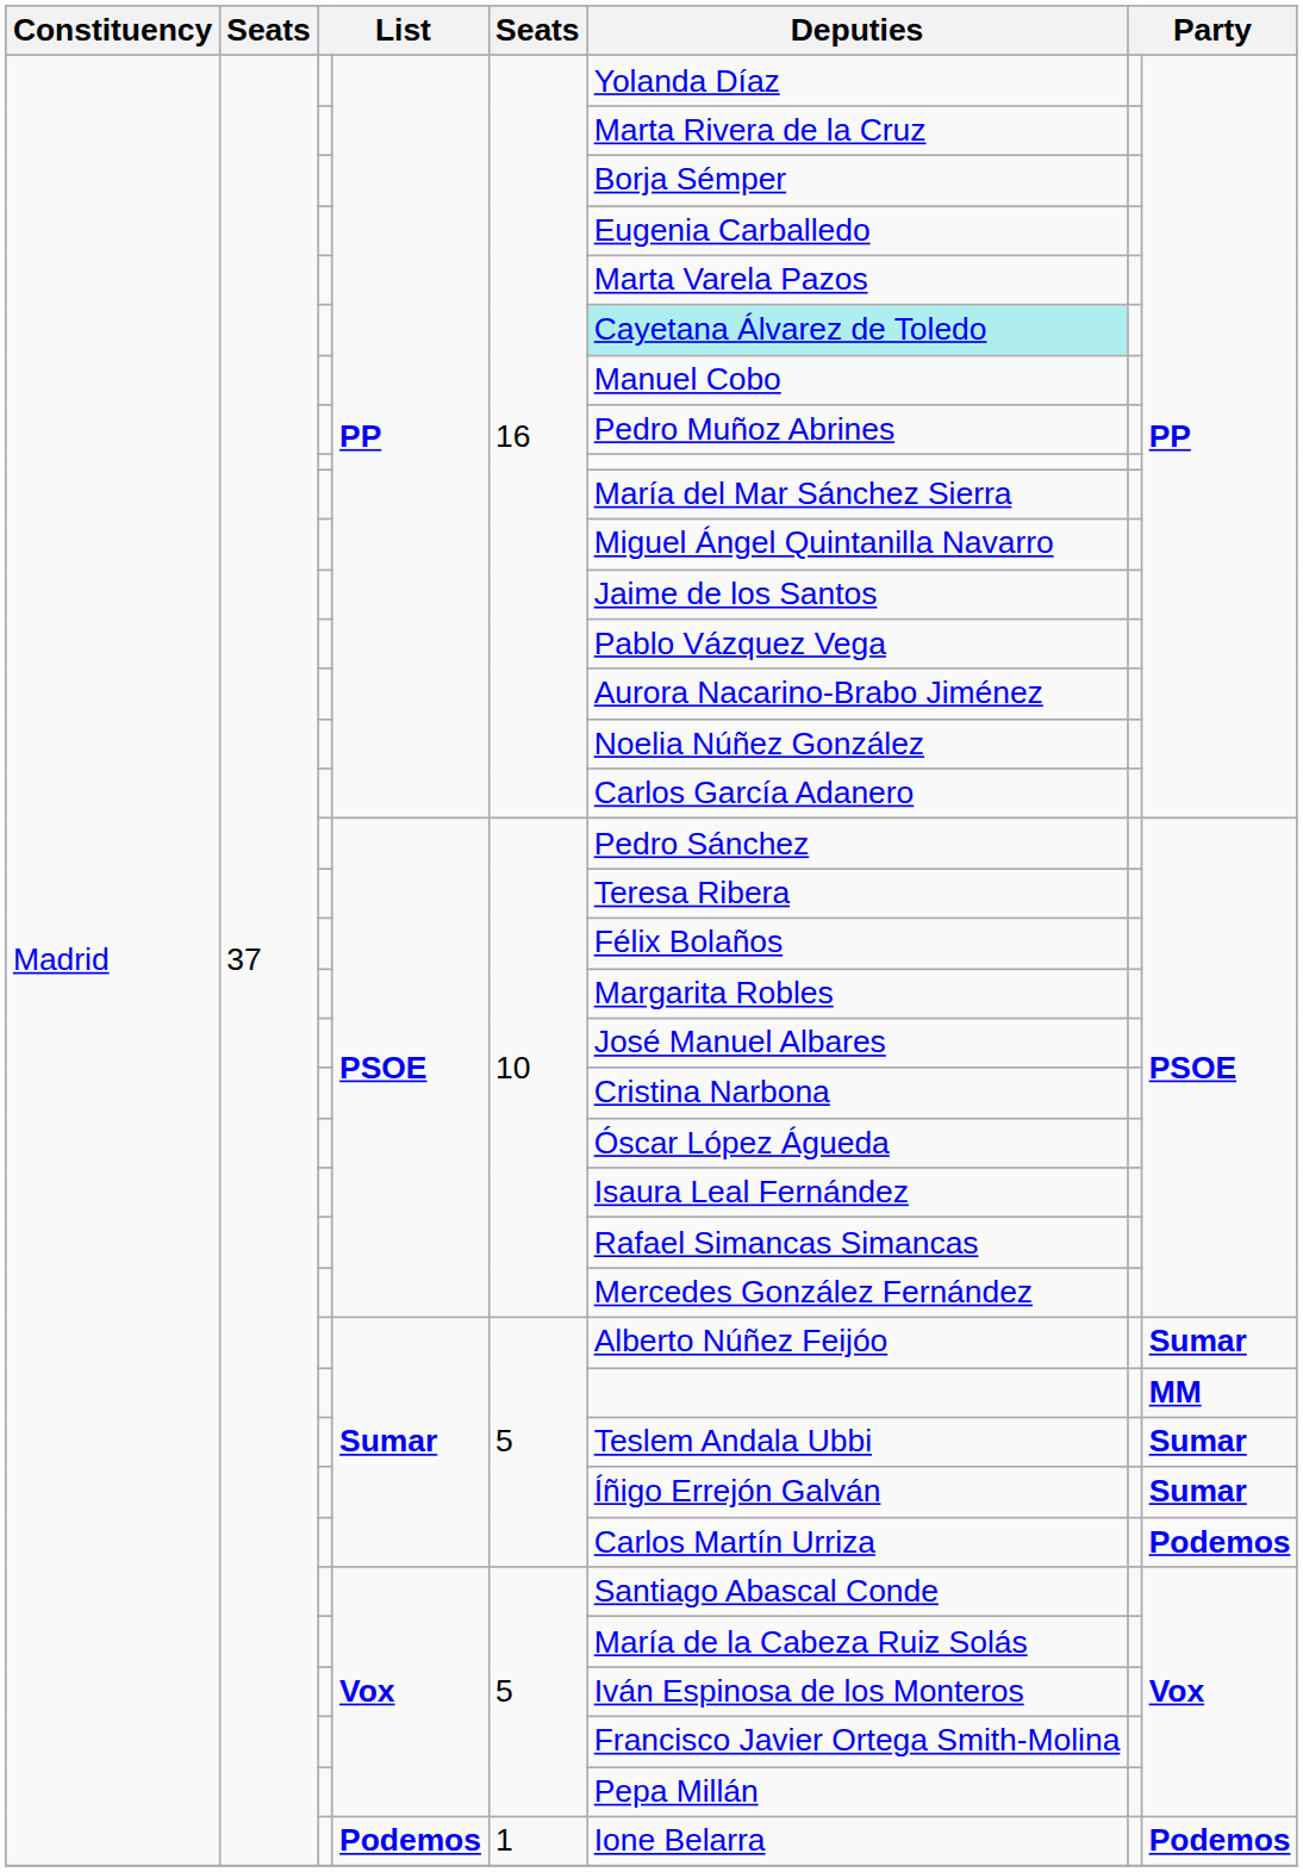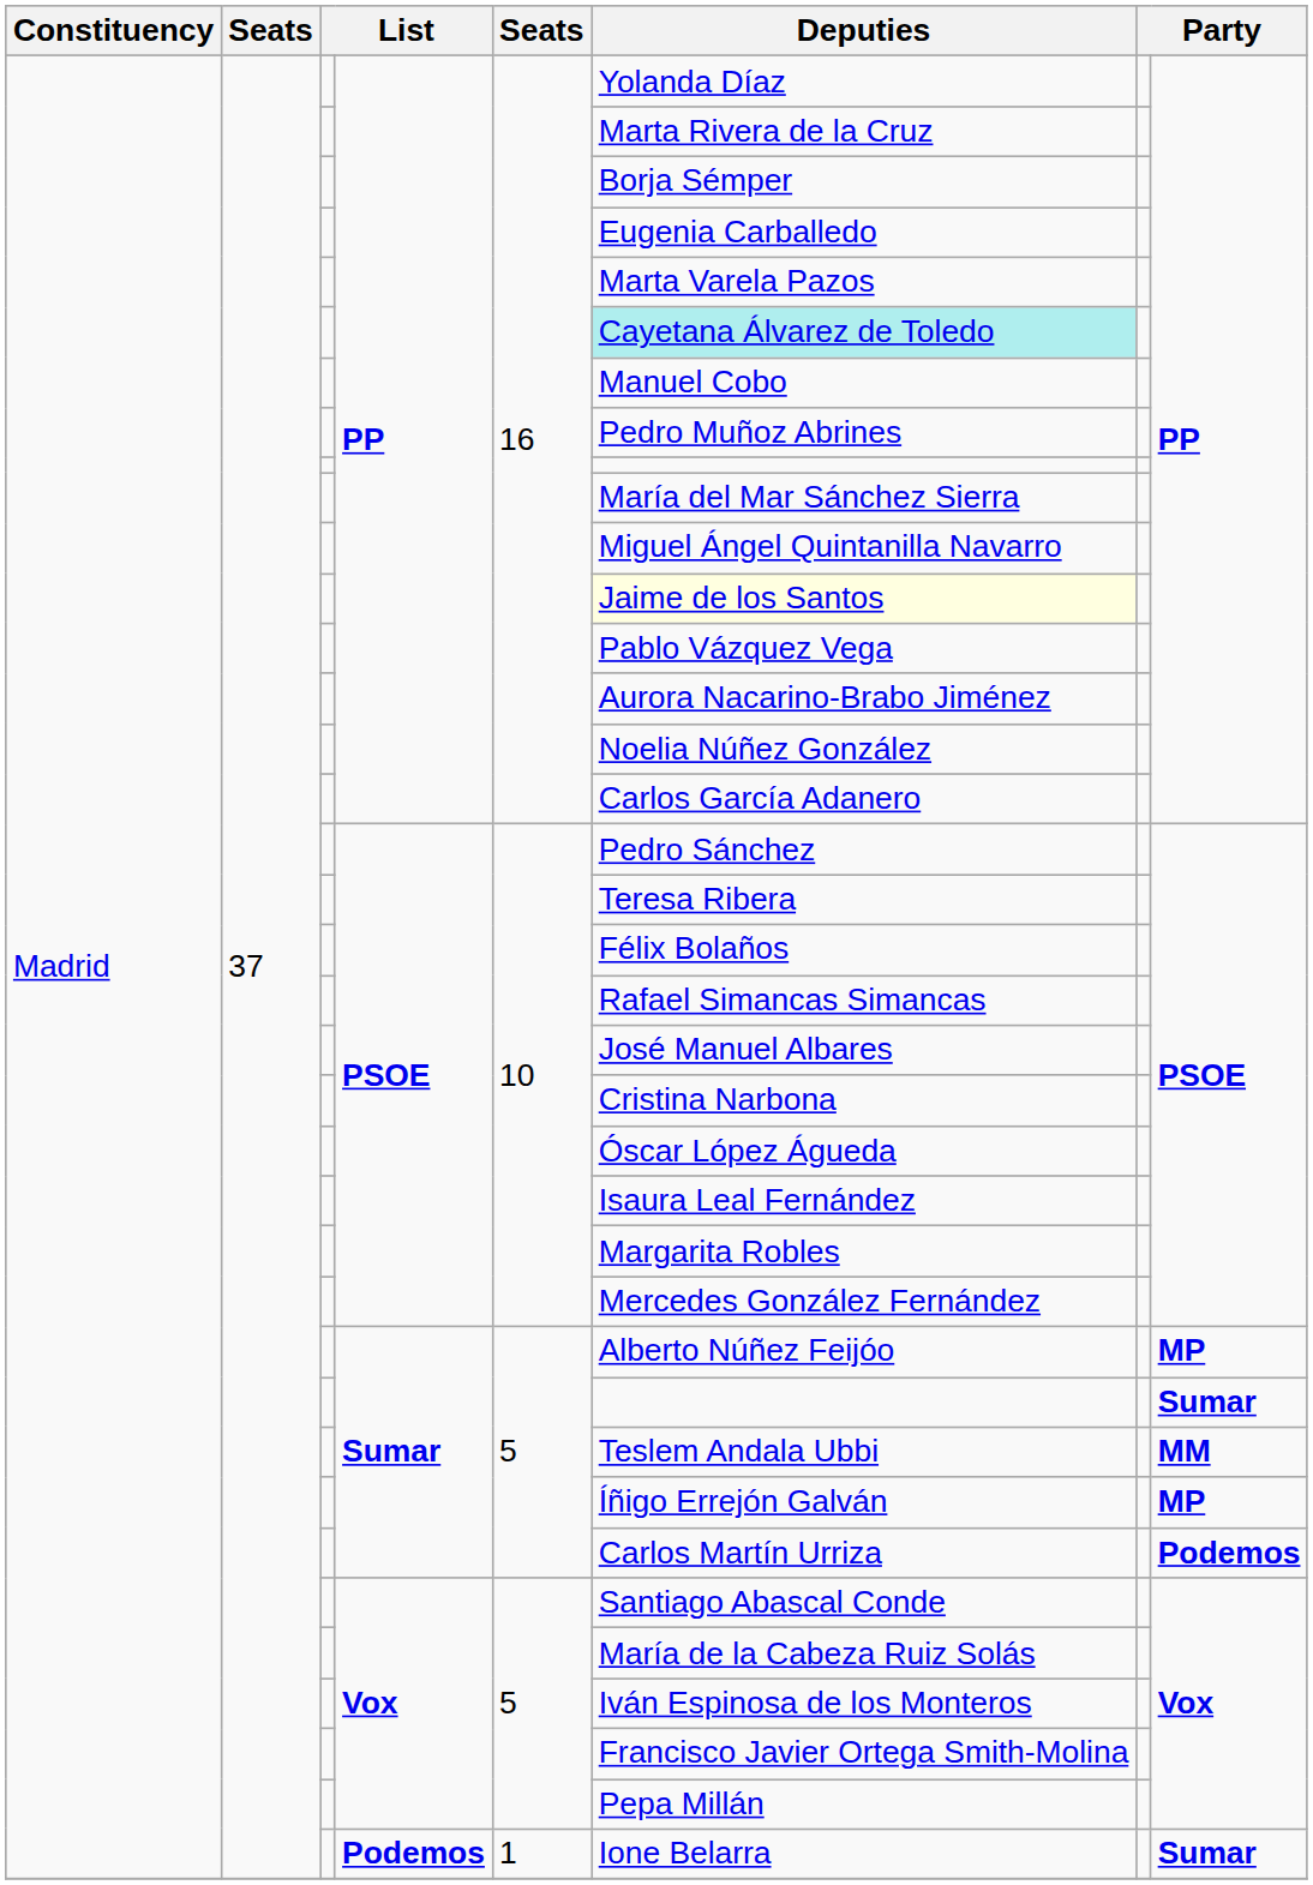 <table class="wikitable sortable">
 <tr>
 <th>Constituency</th>
 <th>Seats</th>
 <th colspan="2">List</th>
 <th>Seats</th>
 <th>Deputies</th>
 <th colspan="2">Party</th>
 </tr>
 <tr>
 <td rowspan="37"><a href='#'>Madrid</a></td>
 <td rowspan="37">37</td>
 <td></td>
 <td rowspan="16"><strong><a href='#'>PP</a></strong></td>
 <td rowspan="16">16</td>
 <td><a href='#'>Yolanda Díaz</a></td>
 <td></td>
 <td rowspan="16"><strong><a href='#'>PP</a></strong></td>
 </tr>
 <tr>
 <td></td>
 <td><a href='#'>Marta Rivera de la Cruz</a></td>
 <td></td>
 </tr>
 <tr>
 <td></td>
 <td><a href='#'>Borja Sémper</a></td>
 <td></td>
 </tr>
 <tr>
 <td></td>
 <td><a href='#'>Eugenia Carballedo</a></td>
 <td></td>
 </tr>
 <tr>
 <td></td>
 <td><a href='#'>Marta Varela Pazos</a></td>
 <td></td>
 </tr>
 <tr>
 <td></td>
 <td style="background: paleturquoise;"><a href='#'>Cayetana Álvarez de Toledo</a></td>
 <td></td>
 </tr>
 <tr>
 <td></td>
 <td><a href='#'>Manuel Cobo</a></td>
 <td></td>
 </tr>
 <tr>
 <td></td>
 <td><a href='#'>Pedro Muñoz Abrines</a></td>
 <td></td>
 </tr>
 <tr>
 <td></td>
 <td></td>
 <td></td>
 </tr>
 <tr>
 <td></td>
 <td><a href='#'>María del Mar Sánchez Sierra</a></td>
 <td></td>
 </tr>
 <tr>
 <td></td>
 <td><a href='#'>Miguel Ángel Quintanilla Navarro</a></td>
 <td></td>
 </tr>
 <tr>
 <td></td>
-<td><a href='#'>Jaime de los Santos</a></td>
+<td style="background: lightyellow;"><a href='#'>Jaime de los Santos</a></td>
 <td></td>
 </tr>
 <tr>
 <td></td>
 <td><a href='#'>Pablo Vázquez Vega</a></td>
 <td></td>
 </tr>
 <tr>
 <td></td>
 <td><a href='#'>Aurora Nacarino-Brabo Jiménez</a></td>
 <td></td>
 </tr>
 <tr>
 <td></td>
 <td><a href='#'>Noelia Núñez González</a></td>
 <td></td>
 </tr>
 <tr>
 <td></td>
 <td><a href='#'>Carlos García Adanero</a></td>
 <td></td>
 </tr>
 <tr>
 <td></td>
 <td rowspan="10"><strong><a href='#'>PSOE</a></strong></td>
 <td rowspan="10">10</td>
 <td><a href='#'>Pedro Sánchez</a></td>
 <td></td>
 <td rowspan="10"><strong><a href='#'>PSOE</a></strong></td>
 </tr>
 <tr>
 <td></td>
 <td><a href='#'>Teresa Ribera</a></td>
 <td></td>
 </tr>
 <tr>
 <td></td>
 <td><a href='#'>Félix Bolaños</a></td>
 <td></td>
 </tr>
 <tr>
 <td></td>
-<td><a href='#'>Margarita Robles</a></td>
+<td><a href='#'>Rafael Simancas Simancas</a></td>
 <td></td>
 </tr>
 <tr>
 <td></td>
 <td><a href='#'>José Manuel Albares</a></td>
 <td></td>
 </tr>
 <tr>
 <td></td>
 <td><a href='#'>Cristina Narbona</a></td>
 <td></td>
 </tr>
 <tr>
 <td></td>
 <td><a href='#'>Óscar López Águeda</a></td>
 <td></td>
 </tr>
 <tr>
 <td></td>
 <td><a href='#'>Isaura Leal Fernández</a></td>
 <td></td>
 </tr>
 <tr>
 <td></td>
-<td><a href='#'>Rafael Simancas Simancas</a></td>
+<td><a href='#'>Margarita Robles</a></td>
 <td></td>
 </tr>
 <tr>
 <td></td>
 <td><a href='#'>Mercedes González Fernández</a></td>
 <td></td>
 </tr>
 <tr>
 <td></td>
 <td rowspan="5"><strong><a href='#'>Sumar</a></strong></td>
 <td rowspan="5">5</td>
 <td><a href='#'>Alberto Núñez Feijóo</a></td>
 <td></td>
-<td><strong><a href='#'>Sumar</a></strong></td>
+<td><a href='#'><strong>MP</strong></a></td>
 </tr>
 <tr>
 <td></td>
 <td></td>
 <td></td>
-<td><a href='#'><strong>MM</strong></a></td>
+<td><strong><a href='#'>Sumar</a></strong></td>
 </tr>
 <tr>
 <td></td>
 <td><a href='#'>Teslem Andala Ubbi</a></td>
 <td></td>
-<td><strong><a href='#'>Sumar</a></strong></td>
+<td><a href='#'><strong>MM</strong></a></td>
 </tr>
 <tr>
 <td></td>
 <td><a href='#'>Íñigo Errejón Galván</a></td>
 <td></td>
-<td><strong><a href='#'>Sumar</a></strong></td>
+<td><a href='#'><strong>MP</strong></a></td>
 </tr>
 <tr>
 <td></td>
 <td><a href='#'>Carlos Martín Urriza</a></td>
 <td></td>
 <td rowspan="1"><strong><a href='#'>Podemos</a></strong></td>
 </tr>
 <tr>
 <td></td>
 <td rowspan="5"><strong><a href='#'>Vox</a></strong></td>
 <td rowspan="5">5</td>
 <td><a href='#'>Santiago Abascal Conde</a></td>
 <td></td>
 <td rowspan="5"><strong><a href='#'>Vox</a></strong></td>
 </tr>
 <tr>
 <td></td>
 <td><a href='#'>María de la Cabeza Ruiz Solás</a></td>
 <td></td>
 </tr>
 <tr>
 <td></td>
 <td><a href='#'>Iván Espinosa de los Monteros</a></td>
 <td></td>
 </tr>
 <tr>
 <td></td>
 <td><a href='#'>Francisco Javier Ortega Smith-Molina</a></td>
 <td></td>
 </tr>
 <tr>
 <td></td>
 <td><a href='#'>Pepa Millán</a></td>
 <td></td>
 </tr>
 <tr>
 <td></td>
 <td rowspan="1"><strong><a href='#'>Podemos</a></strong></td>
 <td rowspan="1">1</td>
 <td><a href='#'>Ione Belarra</a></td>
 <td></td>
-<td rowspan="1"><strong><a href='#'>Podemos</a></strong></td>
+<td><strong><a href='#'>Sumar</a></strong></td>
 </tr>
 <tr>
 </tr>
 </table>
